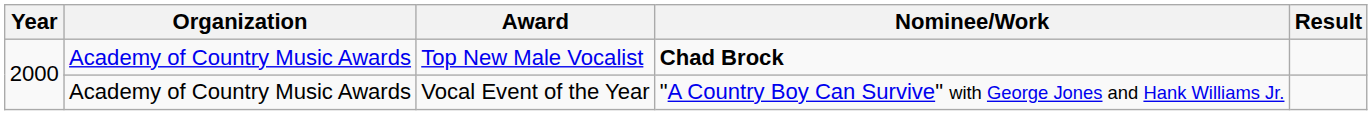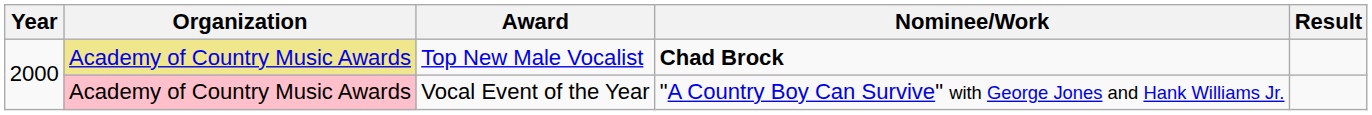 <table class="wikitable">
 <tr>
 <th>Year</th>
 <th>Organization</th>
 <th>Award</th>
 <th>Nominee/Work</th>
 <th>Result</th>
 </tr>
 <tr>
 <td rowspan=2>2000</td>
-<td><a href='#'>Academy of Country Music Awards</a></td>
+<td style="background: khaki;"><a href='#'>Academy of Country Music Awards</a></td>
 <td><a href='#'>Top New Male Vocalist</a></td>
 <td><strong>Chad Brock</strong></td>
 <td></td>
 </tr>
 <tr>
-<td>Academy of Country Music Awards</td>
+<td style="background: pink;">Academy of Country Music Awards</td>
 <td>Vocal Event of the Year</td>
 <td>"<a href='#'>A Country Boy Can Survive</a>" <small>with <a href='#'>George Jones</a> and <a href='#'>Hank Williams Jr.</a></small></td>
 <td></td>
 </tr>
 </table>
